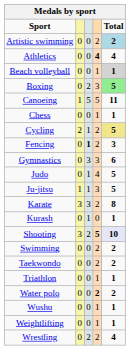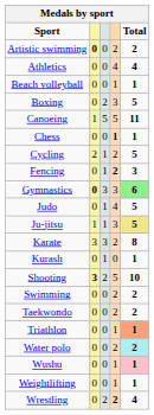 <table class=wikitable style="font-size:85%;text-align:center;float:right;clear:right;margin-left:1em;">
 <tr bgcolor=EFEFEF>
 <th colspan=7>Medals by sport</th>
 </tr>
 <tr>
 <td><strong>Sport</strong></td>
 <td bgcolor=F7F6A8></td>
 <td bgcolor=DCE5E5></td>
 <td bgcolor=FFDBA9></td>
 <td><strong>Total</strong></td>
 </tr>
 <tr>
 <td><a href='#'>Artistic swimming</a></td>
-<td bgcolor=F7F6A8>0</td>
+<td bgcolor=F7F6A8><strong>0</strong></td>
 <td bgcolor=DCE5E5>0</td>
 <td bgcolor=FFDAB9>2</td>
-<td style="background: lightblue;"><strong>2</strong></td>
+<td><strong>2</strong></td>
 </tr>
 <tr>
 <td><a href='#'>Athletics</a></td>
 <td bgcolor=F7F6A8>0</td>
 <td bgcolor=DCE5E5>0</td>
-<td bgcolor=FFDAB9><strong>4</strong></td>
+<td bgcolor=FFDAB9>4</td>
 <td><strong>4</strong></td>
 </tr>
 <tr>
 <td><a href='#'>Beach volleyball</a></td>
 <td bgcolor=F7F6A8>0</td>
 <td bgcolor=DCE5E5>0</td>
 <td bgcolor=FFDAB9>1</td>
-<td style="background: lightgrey;"><strong>1</strong></td>
+<td><strong>1</strong></td>
 </tr>
 <tr>
 <td><a href='#'>Boxing</a></td>
 <td bgcolor=F7F6A8>0</td>
 <td bgcolor=DCE5E5>2</td>
 <td bgcolor=FFDAB9>3</td>
-<td style="background: lightgreen;"><strong>5</strong></td>
+<td><strong>5</strong></td>
 </tr>
 <tr>
 <td><a href='#'>Canoeing</a></td>
 <td bgcolor=F7F6A8>1</td>
 <td bgcolor=DCE5E5>5</td>
 <td bgcolor=FFDAB9>5</td>
 <td><strong>11</strong></td>
 </tr>
 <tr>
 <td><a href='#'>Chess</a></td>
 <td bgcolor=F7F6A8>0</td>
 <td bgcolor=DCE5E5>0</td>
-<td bgcolor=FFDAB9>1</td>
+<td bgcolor=FFDAB9><strong>1</strong></td>
 <td><strong>1</strong></td>
 </tr>
 <tr>
 <td><a href='#'>Cycling</a></td>
 <td bgcolor=F7F6A8>2</td>
 <td bgcolor=DCE5E5>1</td>
 <td bgcolor=FFDAB9>2</td>
-<td style="background: khaki;"><strong>5</strong></td>
+<td><strong>5</strong></td>
 </tr>
 <tr>
 <td><a href='#'>Fencing</a></td>
 <td bgcolor=F7F6A8>0</td>
-<td bgcolor=DCE5E5><strong>1</strong></td>
-<td bgcolor=FFDAB9>2</td>
+<td bgcolor=DCE5E5>1</td>
+<td bgcolor=FFDAB9><strong>2</strong></td>
 <td><strong>3</strong></td>
 </tr>
 <tr>
 <td><a href='#'>Gymnastics</a></td>
-<td bgcolor=F7F6A8>0</td>
+<td bgcolor=F7F6A8><strong>0</strong></td>
 <td bgcolor=DCE5E5>3</td>
 <td bgcolor=FFDAB9>3</td>
-<td><strong>6</strong></td>
+<td style="background: lightgreen;"><strong>6</strong></td>
 </tr>
 <tr>
 <td><a href='#'>Judo</a></td>
 <td bgcolor=F7F6A8>0</td>
 <td bgcolor=DCE5E5>1</td>
 <td bgcolor=FFDAB9>4</td>
 <td><strong>5</strong></td>
 </tr>
 <tr>
 <td><a href='#'>Ju-jitsu</a></td>
 <td bgcolor=F7F6A8>1</td>
 <td bgcolor=DCE5E5>1</td>
 <td bgcolor=FFDAB9>3</td>
-<td><strong>5</strong></td>
+<td style="background: khaki;"><strong>5</strong></td>
 </tr>
 <tr>
 <td><a href='#'>Karate</a></td>
 <td bgcolor=F7F6A8>3</td>
 <td bgcolor=DCE5E5>3</td>
 <td bgcolor=FFDAB9>2</td>
 <td><strong>8</strong></td>
 </tr>
 <tr>
 <td><a href='#'>Kurash</a></td>
 <td bgcolor=F7F6A8>0</td>
 <td bgcolor=DCE5E5>1</td>
 <td bgcolor=FFDAB9>0</td>
 <td><strong>1</strong></td>
 </tr>
 <tr>
 <td><a href='#'>Shooting</a></td>
-<td bgcolor=F7F6A8>3</td>
+<td bgcolor=F7F6A8><strong>3</strong></td>
 <td bgcolor=DCE5E5>2</td>
-<td bgcolor=FFDAB9><strong>5</strong></td>
-<td style="background: lavender;"><strong>10</strong></td>
+<td bgcolor=FFDAB9>5</td>
+<td><strong>10</strong></td>
 </tr>
 <tr>
 <td><a href='#'>Swimming</a></td>
 <td bgcolor=F7F6A8>0</td>
 <td bgcolor=DCE5E5>0</td>
 <td bgcolor=FFDAB9>2</td>
 <td><strong>2</strong></td>
 </tr>
 <tr>
 <td><a href='#'>Taekwondo</a></td>
 <td bgcolor=F7F6A8>0</td>
 <td bgcolor=DCE5E5>0</td>
 <td bgcolor=FFDAB9>2</td>
 <td><strong>2</strong></td>
 </tr>
 <tr>
 <td><a href='#'>Triathlon</a></td>
 <td bgcolor=F7F6A8>0</td>
 <td bgcolor=DCE5E5>0</td>
 <td bgcolor=FFDAB9>1</td>
-<td><strong>1</strong></td>
+<td style="background: lightsalmon;"><strong>1</strong></td>
 </tr>
 <tr>
 <td><a href='#'>Water polo</a></td>
 <td bgcolor=F7F6A8>0</td>
 <td bgcolor=DCE5E5>0</td>
-<td bgcolor=FFDAB9><strong>2</strong></td>
-<td><strong>2</strong></td>
+<td bgcolor=FFDAB9>2</td>
+<td style="background: paleturquoise;"><strong>2</strong></td>
 </tr>
 <tr>
 <td><a href='#'>Wushu</a></td>
 <td bgcolor=F7F6A8>0</td>
 <td bgcolor=DCE5E5>0</td>
 <td bgcolor=FFDAB9>1</td>
-<td><strong>1</strong></td>
+<td style="background: pink;"><strong>1</strong></td>
 </tr>
 <tr>
 <td><a href='#'>Weightlifting</a></td>
 <td bgcolor=F7F6A8>0</td>
 <td bgcolor=DCE5E5>0</td>
 <td bgcolor=FFDAB9>1</td>
 <td><strong>1</strong></td>
 </tr>
 <tr>
 <td><a href='#'>Wrestling</a></td>
 <td bgcolor=F7F6A8>0</td>
 <td bgcolor=DCE5E5>2</td>
-<td bgcolor=FFDAB9>2</td>
+<td bgcolor=FFDAB9><strong>2</strong></td>
 <td><strong>4</strong></td>
 </tr>
 </table>
